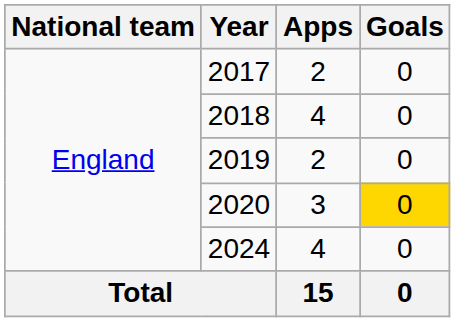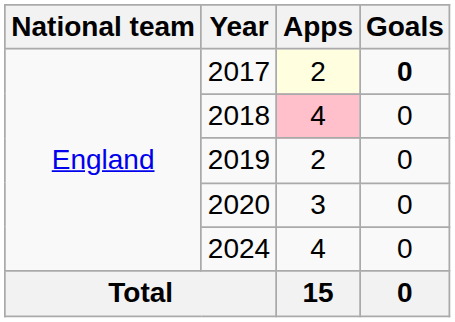 <table class="wikitable" style="text-align: center;">
 <tr>
 <th>National team</th>
 <th>Year</th>
 <th>Apps</th>
 <th>Goals</th>
 </tr>
 <tr>
 <td rowspan="5"><a href='#'>England</a></td>
 <td>2017</td>
-<td>2</td>
-<td>0</td>
+<td style="background: lightyellow;">2</td>
+<td><strong>0</strong></td>
 </tr>
 <tr>
 <td>2018</td>
-<td>4</td>
+<td style="background: pink;">4</td>
 <td>0</td>
 </tr>
 <tr>
 <td>2019</td>
 <td>2</td>
 <td>0</td>
 </tr>
 <tr>
 <td>2020</td>
 <td>3</td>
-<td style="background: gold;">0</td>
+<td>0</td>
 </tr>
 <tr>
 <td>2024</td>
 <td>4</td>
 <td>0</td>
 </tr>
 <tr>
 <th colspan="2">Total</th>
 <th>15</th>
 <th>0</th>
 </tr>
 </table>
